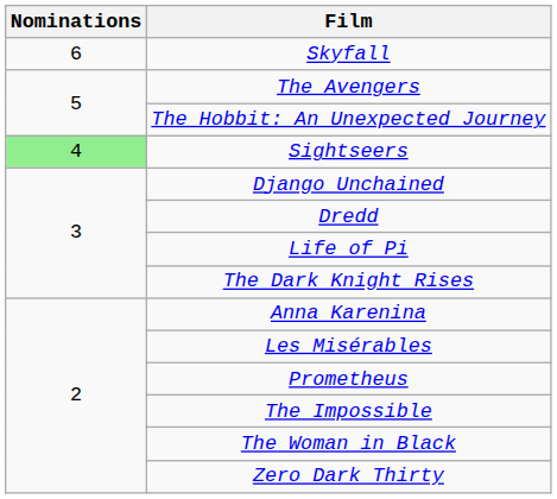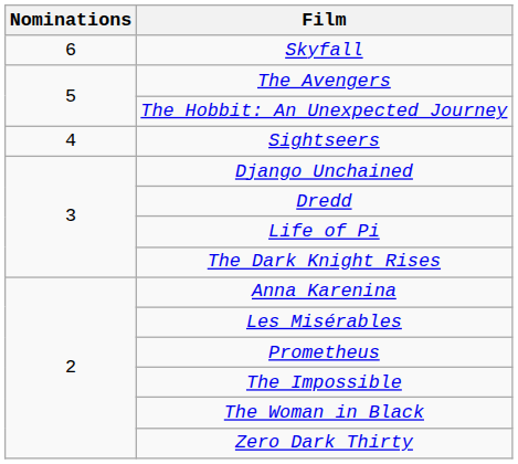 <table class="wikitable" style="text-align:center;">
 <tr>
 <th scope="col" width="55">Nominations</th>
 <th scope="col">Film</th>
 </tr>
 <tr>
 <td>6</td>
 <td><em><a href='#'>Skyfall</a></em></td>
 </tr>
 <tr>
 <td rowspan=2>5</td>
 <td><em><a href='#'>The Avengers</a></em></td>
 </tr>
 <tr>
 <td><em><a href='#'>The Hobbit: An Unexpected Journey</a></em></td>
 </tr>
 <tr>
-<td style="background: lightgreen;">4</td>
+<td>4</td>
 <td><em><a href='#'>Sightseers</a></em></td>
 </tr>
 <tr>
 <td rowspan=4>3</td>
 <td><em><a href='#'>Django Unchained</a></em></td>
 </tr>
 <tr>
 <td><em><a href='#'>Dredd</a></em></td>
 </tr>
 <tr>
 <td><em><a href='#'>Life of Pi</a></em></td>
 </tr>
 <tr>
 <td><em><a href='#'>The Dark Knight Rises</a></em></td>
 </tr>
 <tr>
 <td rowspan=6>2</td>
 <td><em><a href='#'>Anna Karenina</a></em></td>
 </tr>
 <tr>
 <td><em><a href='#'>Les Misérables</a></em></td>
 </tr>
 <tr>
 <td><em><a href='#'>Prometheus</a></em></td>
 </tr>
 <tr>
 <td><em><a href='#'>The Impossible</a></em></td>
 </tr>
 <tr>
 <td><em><a href='#'>The Woman in Black</a></em></td>
 </tr>
 <tr>
 <td><em><a href='#'>Zero Dark Thirty</a></em></td>
 </tr>
 </table>
